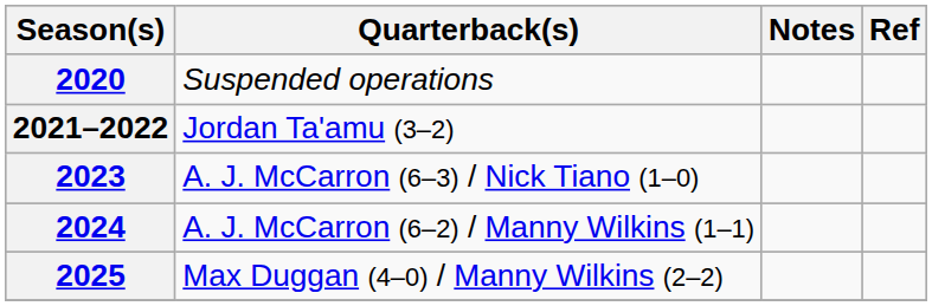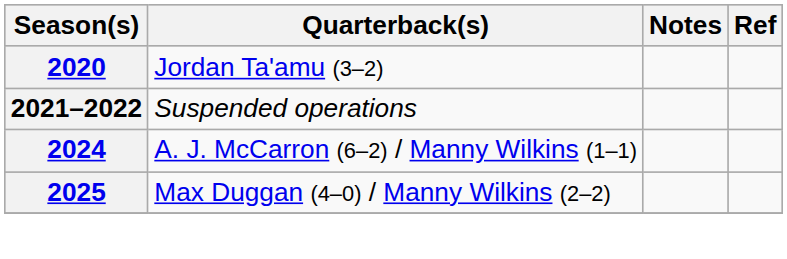 <table class="wikitable plainrowheaders">
 <tr>
 <th>Season(s)</th>
 <th>Quarterback(s)</th>
 <th>Notes</th>
 <th>Ref</th>
 </tr>
 <tr>
 <th scope="row"><a href='#'>2020</a></th>
-<td><em>Suspended operations</em></td>
+<td><a href='#'>Jordan Ta'amu</a> <small>(3–2)</small></td>
 <td></td>
 <td></td>
 </tr>
 <tr>
 <th scope="row">2021–2022</th>
-<td><a href='#'>Jordan Ta'amu</a> <small>(3–2)</small></td>
-<td></td>
-<td></td>
-</tr>
-<tr>
-<th scope="row"><a href='#'>2023</a></th>
-<td><a href='#'>A. J. McCarron</a> <small>(6–3)</small> / <a href='#'>Nick Tiano</a> <small>(1–0)</small></td>
+<td><em>Suspended operations</em></td>
 <td></td>
 <td></td>
 </tr>
 <tr>
 <th scope="row"><a href='#'>2024</a></th>
 <td><a href='#'>A. J. McCarron</a> <small>(6–2)</small> / <a href='#'>Manny Wilkins</a> <small>(1–1)</small></td>
 <td></td>
 <td></td>
 </tr>
 <tr>
 <th scope="row"><a href='#'>2025</a></th>
 <td><a href='#'>Max Duggan</a> <small>(4–0)</small> / <a href='#'>Manny Wilkins</a> <small>(2–2)</small></td>
 <td></td>
 <td></td>
 </tr>
 <tr>
 </tr>
 </table>
